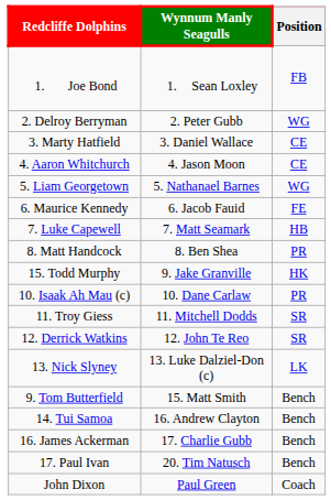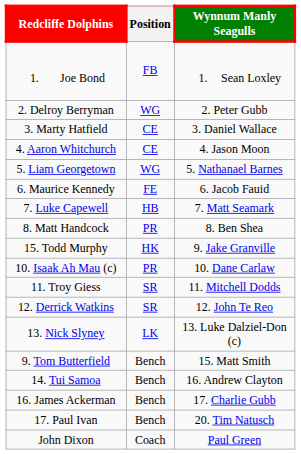 <table class="wikitable" style="float:right; font-size:90%; text-align:center; margin-left:1em;">
 <tr style="background:#f03;">
 <th align="centre" width="136" style="border: 3px solid red; background: red; color: white">Redcliffe Dolphins</th>
+<th style="width:40px;">Position</th>
 <th align="centre" width="136" style="border: 3px solid red; background: green; color: white">Wynnum Manly Seagulls</th>
-<th style="width:40px;">Position</th>
 </tr>
 <tr>
 <td><br><ol><li>Joe Bond</li></ol></td>
+<td><a href='#'>FB</a></td>
 <td><br><ol><li>Sean Loxley</li></ol></td>
-<td><a href='#'>FB</a></td>
 </tr>
 <tr>
 <td>2. Delroy Berryman</td>
+<td><a href='#'>WG</a></td>
 <td>2. Peter Gubb</td>
-<td><a href='#'>WG</a></td>
 </tr>
 <tr>
 <td>3. Marty Hatfield</td>
+<td><a href='#'>CE</a></td>
 <td>3. Daniel Wallace</td>
-<td><a href='#'>CE</a></td>
 </tr>
 <tr>
 <td>4. <a href='#'>Aaron Whitchurch</a></td>
+<td><a href='#'>CE</a></td>
 <td>4. Jason Moon</td>
-<td><a href='#'>CE</a></td>
 </tr>
 <tr>
 <td>5. <a href='#'>Liam Georgetown</a></td>
+<td><a href='#'>WG</a></td>
 <td>5. <a href='#'>Nathanael Barnes</a></td>
-<td><a href='#'>WG</a></td>
 </tr>
 <tr>
 <td>6. Maurice Kennedy</td>
+<td><a href='#'>FE</a></td>
 <td>6. Jacob Fauid</td>
-<td><a href='#'>FE</a></td>
 </tr>
 <tr>
 <td>7. <a href='#'>Luke Capewell</a></td>
+<td><a href='#'>HB</a></td>
 <td>7. <a href='#'>Matt Seamark</a></td>
-<td><a href='#'>HB</a></td>
 </tr>
 <tr>
 <td>8. Matt Handcock</td>
+<td><a href='#'>PR</a></td>
 <td>8. Ben Shea</td>
-<td><a href='#'>PR</a></td>
 </tr>
 <tr>
 <td>15. Todd Murphy</td>
+<td><a href='#'>HK</a></td>
 <td>9. <a href='#'>Jake Granville</a></td>
-<td><a href='#'>HK</a></td>
 </tr>
 <tr>
 <td>10. <a href='#'>Isaak Ah Mau</a> (c)</td>
+<td><a href='#'>PR</a></td>
 <td>10. <a href='#'>Dane Carlaw</a></td>
-<td><a href='#'>PR</a></td>
 </tr>
 <tr>
 <td>11. Troy Giess</td>
+<td><a href='#'>SR</a></td>
 <td>11. <a href='#'>Mitchell Dodds</a></td>
-<td><a href='#'>SR</a></td>
 </tr>
 <tr>
 <td>12. <a href='#'>Derrick Watkins</a></td>
+<td><a href='#'>SR</a></td>
 <td>12. <a href='#'>John Te Reo</a></td>
-<td><a href='#'>SR</a></td>
 </tr>
 <tr>
 <td>13. <a href='#'>Nick Slyney</a></td>
+<td><a href='#'>LK</a></td>
 <td>13. Luke Dalziel-Don (c)</td>
-<td><a href='#'>LK</a></td>
 </tr>
 <tr>
 <td>9. <a href='#'>Tom Butterfield</a></td>
+<td>Bench</td>
 <td>15. Matt Smith</td>
-<td>Bench</td>
 </tr>
 <tr>
 <td>14. <a href='#'>Tui Samoa</a></td>
+<td>Bench</td>
 <td>16. Andrew Clayton</td>
-<td>Bench</td>
 </tr>
 <tr>
 <td>16. James Ackerman</td>
+<td>Bench</td>
 <td>17. <a href='#'>Charlie Gubb</a></td>
-<td>Bench</td>
 </tr>
 <tr>
 <td>17. Paul Ivan</td>
+<td>Bench</td>
 <td>20. <a href='#'>Tim Natusch</a></td>
-<td>Bench</td>
 </tr>
 <tr>
 <td>John Dixon</td>
+<td>Coach</td>
 <td><a href='#'>Paul Green</a></td>
-<td>Coach</td>
 </tr>
 </table>
